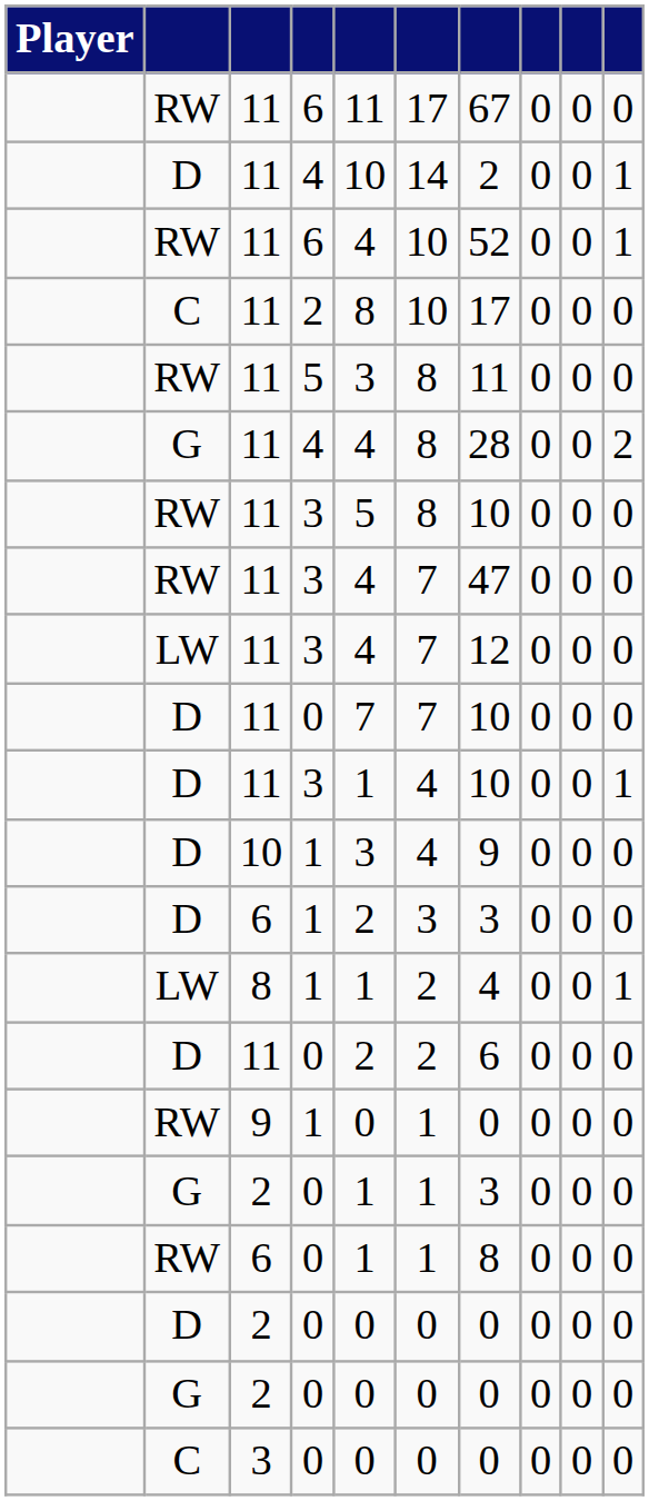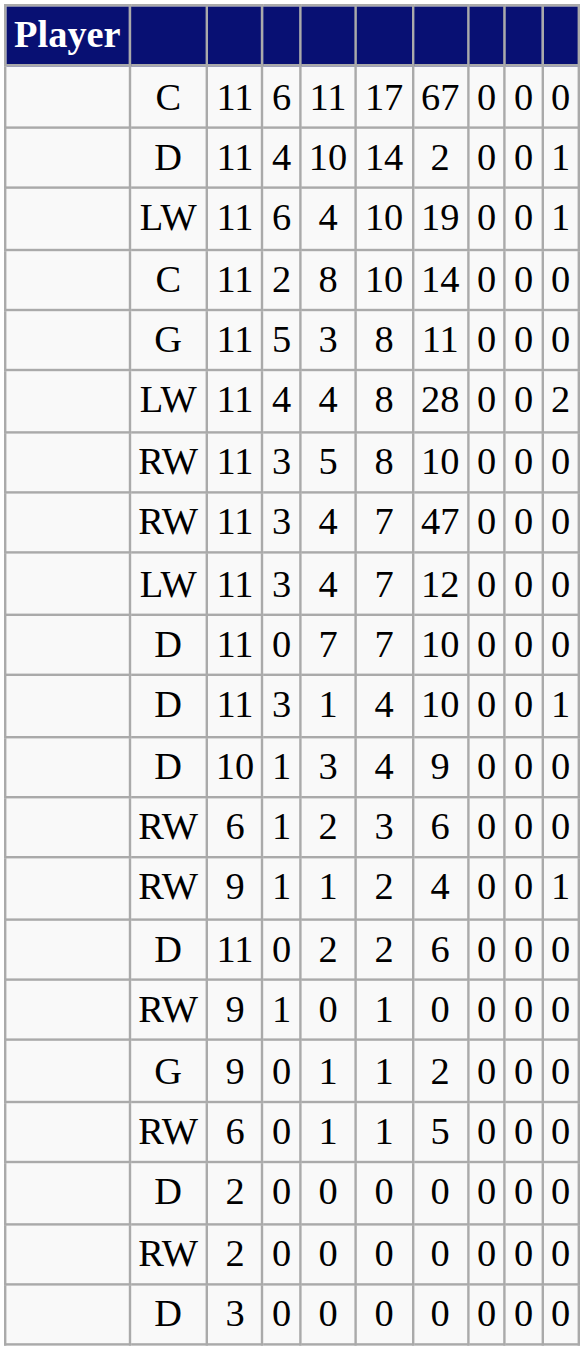 <table class="wikitable sortable">
 <tr align=center>
 <th style="color:white; background:#081073; ">Player</th>
 <th style="color:white; background:#081073; "></th>
 <th style="color:white; background:#081073; "></th>
 <th style="color:white;background:#081073; "></th>
 <th style="color:white;background:#081073; "></th>
 <th style="color:white;background:#081073; "></th>
 <th style="color:white;background:#081073; "></th>
 <th style="color:white;background:#081073; "></th>
 <th style="color:white;background:#081073; "></th>
 <th style="color:white;background:#081073; "></th>
 </tr>
 <tr align="center">
 <td align="right"></td>
-<td>RW</td>
+<td>C</td>
 <td>11</td>
 <td>6</td>
 <td>11</td>
 <td>17</td>
 <td>67</td>
 <td>0</td>
 <td>0</td>
 <td>0</td>
 </tr>
 <tr align="center">
 <td align="right"></td>
 <td>D</td>
 <td>11</td>
 <td>4</td>
 <td>10</td>
 <td>14</td>
 <td>2</td>
 <td>0</td>
 <td>0</td>
 <td>1</td>
 </tr>
 <tr align="center">
 <td align="right"></td>
-<td>RW</td>
+<td>LW</td>
 <td>11</td>
 <td>6</td>
 <td>4</td>
 <td>10</td>
-<td>52</td>
+<td>19</td>
 <td>0</td>
 <td>0</td>
 <td>1</td>
 </tr>
 <tr align="center">
 <td align="right"></td>
 <td>C</td>
 <td>11</td>
 <td>2</td>
 <td>8</td>
 <td>10</td>
-<td>17</td>
+<td>14</td>
 <td>0</td>
 <td>0</td>
 <td>0</td>
 </tr>
 <tr align="center">
 <td align="right"></td>
-<td>RW</td>
+<td>G</td>
 <td>11</td>
 <td>5</td>
 <td>3</td>
 <td>8</td>
 <td>11</td>
 <td>0</td>
 <td>0</td>
 <td>0</td>
 </tr>
 <tr align="center">
 <td align="right"></td>
-<td>G</td>
+<td>LW</td>
 <td>11</td>
 <td>4</td>
 <td>4</td>
 <td>8</td>
 <td>28</td>
 <td>0</td>
 <td>0</td>
 <td>2</td>
 </tr>
 <tr align="center">
 <td align="right"></td>
 <td>RW</td>
 <td>11</td>
 <td>3</td>
 <td>5</td>
 <td>8</td>
 <td>10</td>
 <td>0</td>
 <td>0</td>
 <td>0</td>
 </tr>
 <tr align="center">
 <td align="right"></td>
 <td>RW</td>
 <td>11</td>
 <td>3</td>
 <td>4</td>
 <td>7</td>
 <td>47</td>
 <td>0</td>
 <td>0</td>
 <td>0</td>
 </tr>
 <tr align="center">
 <td align="right"></td>
 <td>LW</td>
 <td>11</td>
 <td>3</td>
 <td>4</td>
 <td>7</td>
 <td>12</td>
 <td>0</td>
 <td>0</td>
 <td>0</td>
 </tr>
 <tr align="center">
 <td align="right"></td>
 <td>D</td>
 <td>11</td>
 <td>0</td>
 <td>7</td>
 <td>7</td>
 <td>10</td>
 <td>0</td>
 <td>0</td>
 <td>0</td>
 </tr>
 <tr align="center">
 <td align="right"></td>
 <td>D</td>
 <td>11</td>
 <td>3</td>
 <td>1</td>
 <td>4</td>
 <td>10</td>
 <td>0</td>
 <td>0</td>
 <td>1</td>
 </tr>
 <tr align="center">
 <td align="right"></td>
 <td>D</td>
 <td>10</td>
 <td>1</td>
 <td>3</td>
 <td>4</td>
 <td>9</td>
 <td>0</td>
 <td>0</td>
 <td>0</td>
 </tr>
 <tr align="center">
 <td align="right"></td>
-<td>D</td>
+<td>RW</td>
 <td>6</td>
 <td>1</td>
 <td>2</td>
 <td>3</td>
-<td>3</td>
+<td>6</td>
 <td>0</td>
 <td>0</td>
 <td>0</td>
 </tr>
 <tr align="center">
 <td align="right"></td>
-<td>LW</td>
-<td>8</td>
+<td>RW</td>
+<td>9</td>
 <td>1</td>
 <td>1</td>
 <td>2</td>
 <td>4</td>
 <td>0</td>
 <td>0</td>
 <td>1</td>
 </tr>
 <tr align="center">
 <td align="right"></td>
 <td>D</td>
 <td>11</td>
 <td>0</td>
 <td>2</td>
 <td>2</td>
 <td>6</td>
 <td>0</td>
 <td>0</td>
 <td>0</td>
 </tr>
 <tr align="center">
 <td align="right"></td>
 <td>RW</td>
 <td>9</td>
 <td>1</td>
 <td>0</td>
 <td>1</td>
 <td>0</td>
 <td>0</td>
 <td>0</td>
 <td>0</td>
 </tr>
 <tr align="center">
 <td align="right"></td>
 <td>G</td>
-<td>2</td>
+<td>9</td>
 <td>0</td>
 <td>1</td>
 <td>1</td>
-<td>3</td>
+<td>2</td>
 <td>0</td>
 <td>0</td>
 <td>0</td>
 </tr>
 <tr align="center">
 <td align="right"></td>
 <td>RW</td>
 <td>6</td>
 <td>0</td>
 <td>1</td>
 <td>1</td>
-<td>8</td>
+<td>5</td>
 <td>0</td>
 <td>0</td>
 <td>0</td>
 </tr>
 <tr align="center">
 <td align="right"></td>
 <td>D</td>
 <td>2</td>
 <td>0</td>
 <td>0</td>
 <td>0</td>
 <td>0</td>
 <td>0</td>
 <td>0</td>
 <td>0</td>
 </tr>
 <tr align="center">
 <td align="right"></td>
-<td>G</td>
+<td>RW</td>
 <td>2</td>
 <td>0</td>
 <td>0</td>
 <td>0</td>
 <td>0</td>
 <td>0</td>
 <td>0</td>
 <td>0</td>
 </tr>
 <tr align="center">
 <td align="right"></td>
-<td>C</td>
+<td>D</td>
 <td>3</td>
 <td>0</td>
 <td>0</td>
 <td>0</td>
 <td>0</td>
 <td>0</td>
 <td>0</td>
 <td>0</td>
 </tr>
 </table>
